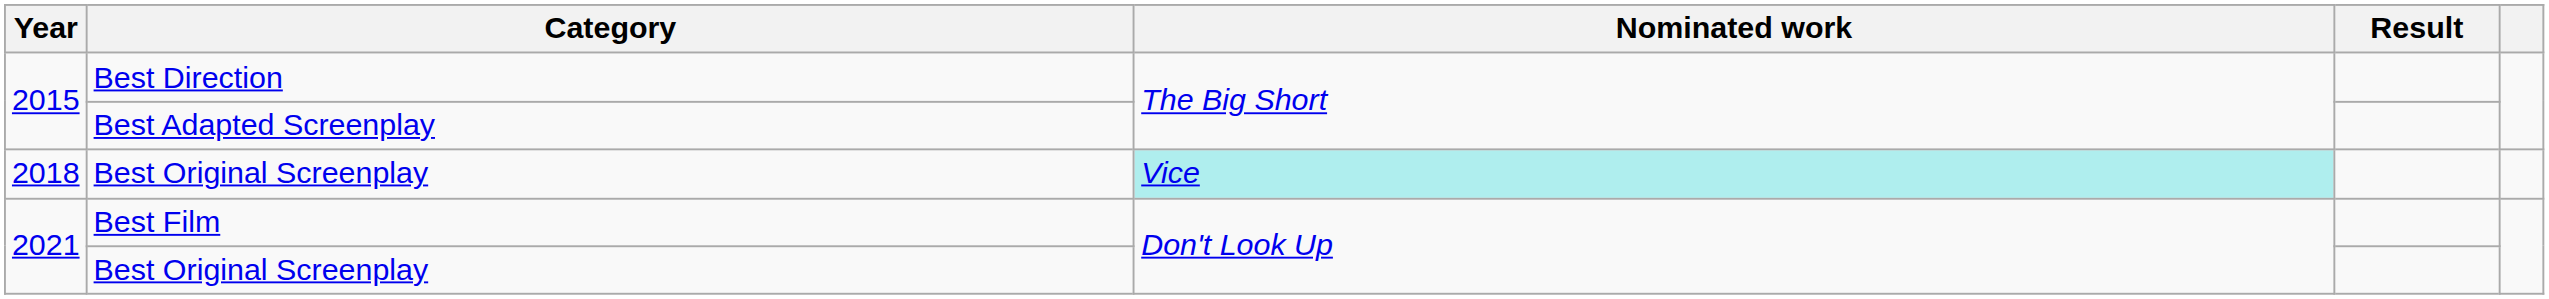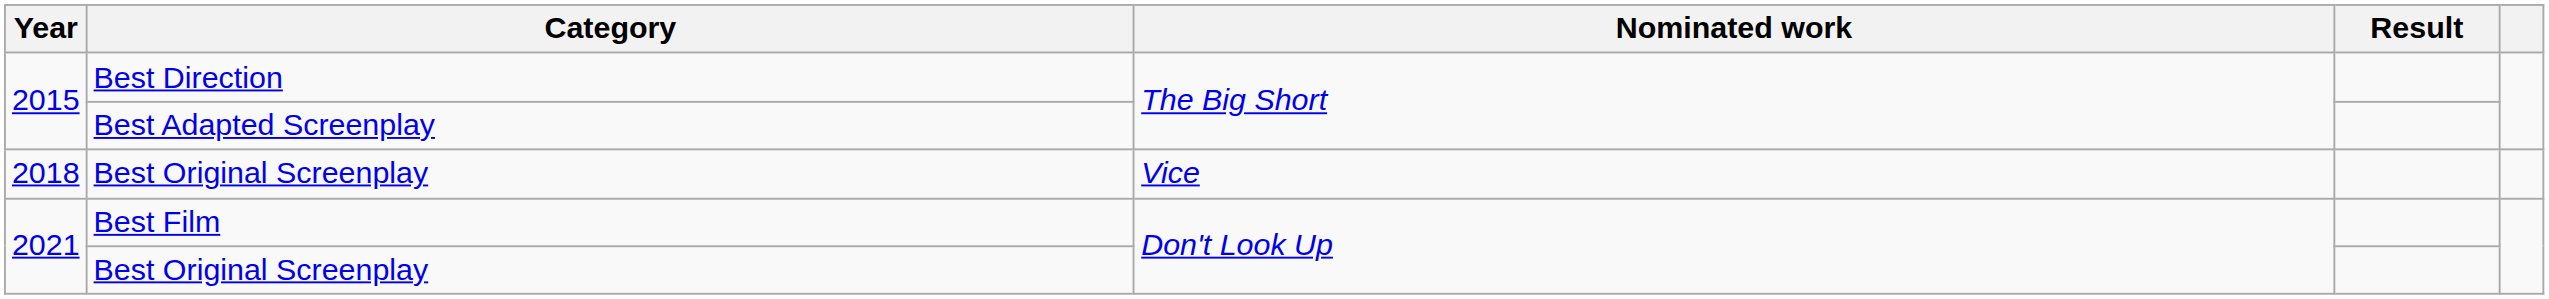 <table class=wikitable>
 <tr>
 <th scope="col" style="width:1em;">Year</th>
 <th scope="col" style="width:34em;">Category</th>
 <th scope="col" style="width:39em;">Nominated work</th>
 <th scope="col" style="width:5em;">Result</th>
 <th scope="col" style="width:1em;"></th>
 </tr>
 <tr>
 <td rowspan="2"><a href='#'>2015</a></td>
 <td><a href='#'>Best Direction</a></td>
 <td rowspan="2"><em><a href='#'>The Big Short</a></em></td>
 <td></td>
 <td rowspan="2"></td>
 </tr>
 <tr>
 <td><a href='#'>Best Adapted Screenplay</a></td>
 <td></td>
 </tr>
 <tr>
 <td><a href='#'>2018</a></td>
 <td><a href='#'>Best Original Screenplay</a></td>
-<td style="background: paleturquoise;"><em><a href='#'>Vice</a></em></td>
+<td><em><a href='#'>Vice</a></em></td>
 <td></td>
 <td></td>
 </tr>
 <tr>
 <td rowspan="2"><a href='#'>2021</a></td>
 <td><a href='#'>Best Film</a></td>
 <td rowspan="2"><em><a href='#'>Don't Look Up</a></em></td>
 <td></td>
 <td rowspan="2"></td>
 </tr>
 <tr>
 <td><a href='#'>Best Original Screenplay</a></td>
 <td></td>
 </tr>
 </table>
